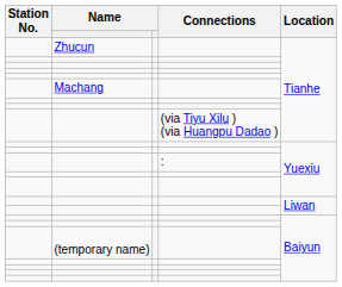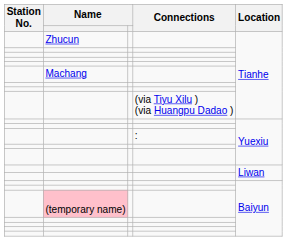 <table class="wikitable">
 <tr>
 <th rowspan="2">Station<br>No.</th>
 <th colspan="2">Name</th>
 <th rowspan="2">Connections</th>
 <th rowspan="2">Location</th>
 </tr>
 <tr>
 <th></th>
 <th></th>
 </tr>
 <tr>
 <td></td>
 <td><a href='#'>Zhucun</a></td>
 <td></td>
 <td></td>
 <td rowspan="9"><a href='#'>Tianhe</a></td>
 </tr>
 <tr>
 <td></td>
 <td></td>
 <td></td>
 <td> </td>
 </tr>
 <tr>
 <td></td>
 <td></td>
 <td></td>
 <td></td>
 </tr>
 <tr>
 <td></td>
 <td></td>
 <td></td>
 <td>   </td>
 </tr>
 <tr>
 <td></td>
 <td></td>
 <td></td>
 <td></td>
 </tr>
 <tr>
 <td></td>
 <td><a href='#'>Machang</a></td>
 <td></td>
 <td></td>
 </tr>
 <tr>
 <td></td>
 <td></td>
 <td></td>
 <td></td>
 </tr>
 <tr>
 <td></td>
 <td></td>
 <td></td>
 <td> </td>
 </tr>
 <tr>
 <td></td>
 <td></td>
 <td></td>
 <td>   (via <a href='#'>Tiyu Xilu</a>  )<br>  (via <a href='#'>Huangpu Dadao</a> )<br></td>
 </tr>
 <tr>
 <td></td>
 <td></td>
 <td></td>
 <td></td>
 <td rowspan="5"><a href='#'>Yuexiu</a></td>
 </tr>
 <tr>
 <td></td>
 <td></td>
 <td></td>
 <td></td>
 </tr>
 <tr>
 <td></td>
 <td></td>
 <td></td>
 <td>:   <br> </td>
 </tr>
 <tr>
 <td></td>
 <td></td>
 <td></td>
 <td></td>
 </tr>
 <tr>
 <td></td>
 <td></td>
 <td></td>
 <td> <br></td>
 </tr>
 <tr>
 <td></td>
 <td></td>
 <td></td>
 <td>    </td>
 <td rowspan="2"><a href='#'>Liwan</a></td>
 </tr>
 <tr>
 <td></td>
 <td></td>
 <td></td>
 <td> </td>
 </tr>
 <tr>
 <td></td>
 <td></td>
 <td></td>
 <td></td>
 <td rowspan="7"><a href='#'>Baiyun</a></td>
 </tr>
 <tr>
 <td></td>
 <td></td>
 <td></td>
 <td></td>
 </tr>
 <tr>
 <td></td>
-<td> <br> (temporary name)</td>
+<td style="background: pink;"> <br> (temporary name)</td>
 <td></td>
 <td></td>
 </tr>
 <tr>
 <td></td>
 <td></td>
 <td></td>
 <td></td>
 </tr>
 <tr>
 <td></td>
 <td></td>
 <td></td>
 <td></td>
 </tr>
 <tr>
 <td></td>
 <td></td>
 <td></td>
 <td></td>
 </tr>
 <tr>
 <td></td>
 <td></td>
 <td></td>
 <td></td>
 </tr>
 </table>
